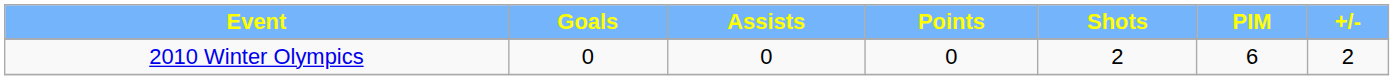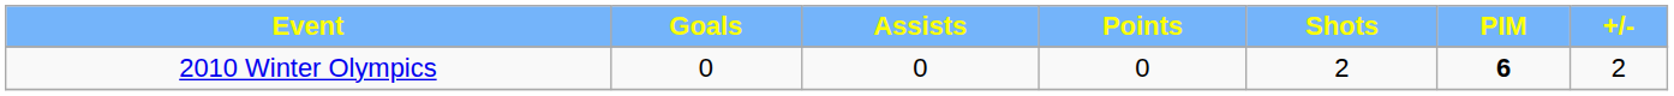 <table class="wikitable" width="80%">
 <tr align="center"  style="background:#74B4FA;color:yellow;">
 <td><strong>Event</strong></td>
 <td><strong>Goals</strong></td>
 <td><strong>Assists</strong></td>
 <td><strong>Points</strong></td>
 <td><strong>Shots</strong></td>
 <td><strong>PIM</strong></td>
 <td><strong>+/-</strong></td>
 </tr>
 <tr align="center" bgcolor="">
 </tr>
 <tr align="center">
 <td><a href='#'>2010 Winter Olympics</a></td>
 <td>0</td>
 <td>0</td>
 <td>0</td>
 <td>2</td>
-<td>6</td>
+<td><strong>6</strong></td>
 <td>2</td>
 </tr>
 <tr align="center">
 </tr>
 </table>
